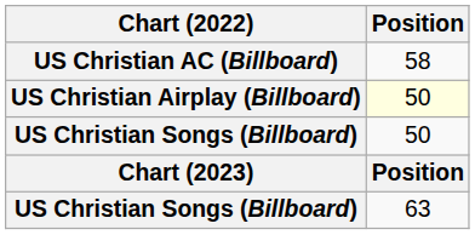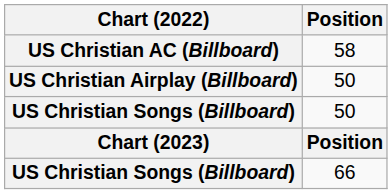 <table class="wikitable plainrowheaders" style="text-align:center">
 <tr>
 <th scope="col">Chart (2022)</th>
 <th scope="col">Position</th>
 </tr>
 <tr>
 <th scope="row">US Christian AC (<em>Billboard</em>)</th>
 <td>58</td>
 </tr>
 <tr>
 <th scope="row">US Christian Airplay (<em>Billboard</em>)</th>
-<td style="background: lightyellow;">50</td>
+<td>50</td>
 </tr>
 <tr>
 <th scope="row">US Christian Songs (<em>Billboard</em>)</th>
 <td>50</td>
 </tr>
 <tr>
 <th scope="col">Chart (2023)</th>
 <th scope="col">Position</th>
 </tr>
 <tr>
 <th scope="row">US Christian Songs (<em>Billboard</em>)</th>
-<td>63</td>
+<td>66</td>
 </tr>
 </table>
